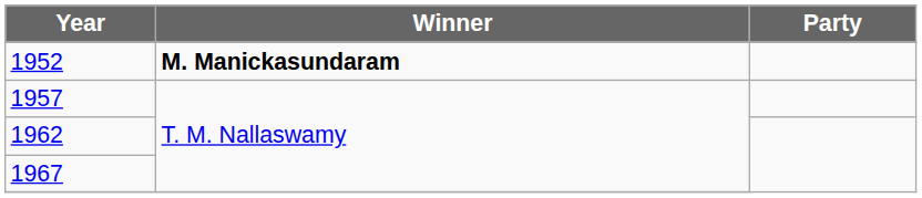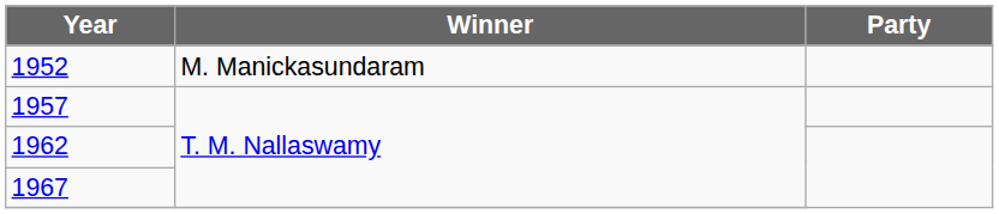 <table class="wikitable" width="70%">
 <tr>
 <th style="background-color:#666666; color:white">Year</th>
 <th style="background-color:#666666; color:white">Winner</th>
 <th style="background-color:#666666; color:white" colspan="2">Party</th>
 </tr>
 <tr --->
 </tr>
 <tr>
 <td><a href='#'>1952</a></td>
-<td><strong>M. Manickasundaram</strong></td>
+<td>M. Manickasundaram</td>
 <td></td>
 </tr>
 <tr>
 <td><a href='#'>1957</a></td>
 <td rowspan=3><a href='#'>T. M. Nallaswamy</a></td>
 <td></td>
 </tr>
 <tr>
 <td><a href='#'>1962</a></td>
 </tr>
 <tr>
 <td><a href='#'>1967</a></td>
 </tr>
 <tr>
 </tr>
 </table>
